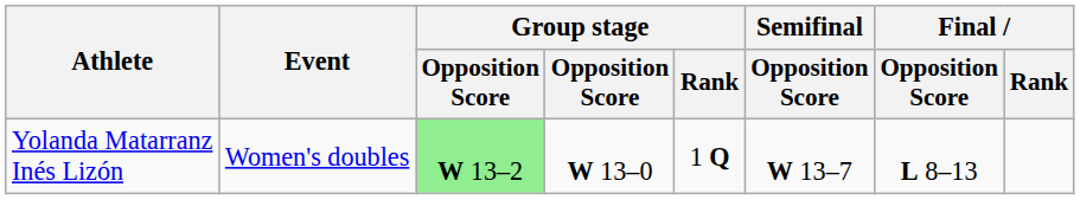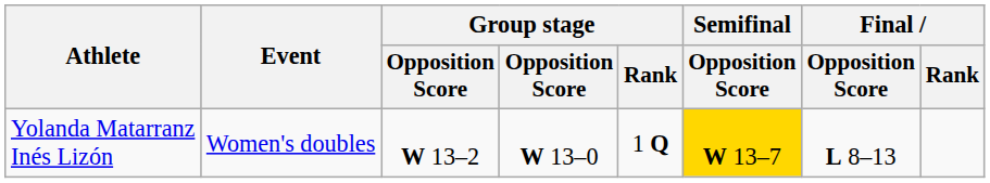 <table class=wikitable style="font-size:90%">
 <tr>
 <th rowspan=2>Athlete</th>
 <th rowspan=2>Event</th>
 <th colspan=3>Group stage</th>
 <th>Semifinal</th>
 <th colspan=2>Final / </th>
 </tr>
 <tr style="font-size:95%">
 <th>Opposition<br>Score</th>
 <th>Opposition<br>Score</th>
 <th>Rank</th>
 <th>Opposition<br>Score</th>
 <th>Opposition<br>Score</th>
 <th>Rank</th>
 </tr>
 <tr align=center>
 <td align=left><a href='#'>Yolanda Matarranz</a><br><a href='#'>Inés Lizón</a></td>
 <td align=left><a href='#'>Women's doubles</a></td>
-<td style="background: lightgreen;"><br><strong>W</strong> 13–2</td>
+<td><br><strong>W</strong> 13–2</td>
 <td><br><strong>W</strong> 13–0</td>
 <td>1 <strong>Q</strong></td>
-<td><br><strong>W</strong> 13–7</td>
+<td style="background: gold;"><br><strong>W</strong> 13–7</td>
 <td><br><strong>L</strong> 8–13</td>
 <td></td>
 </tr>
 </table>
